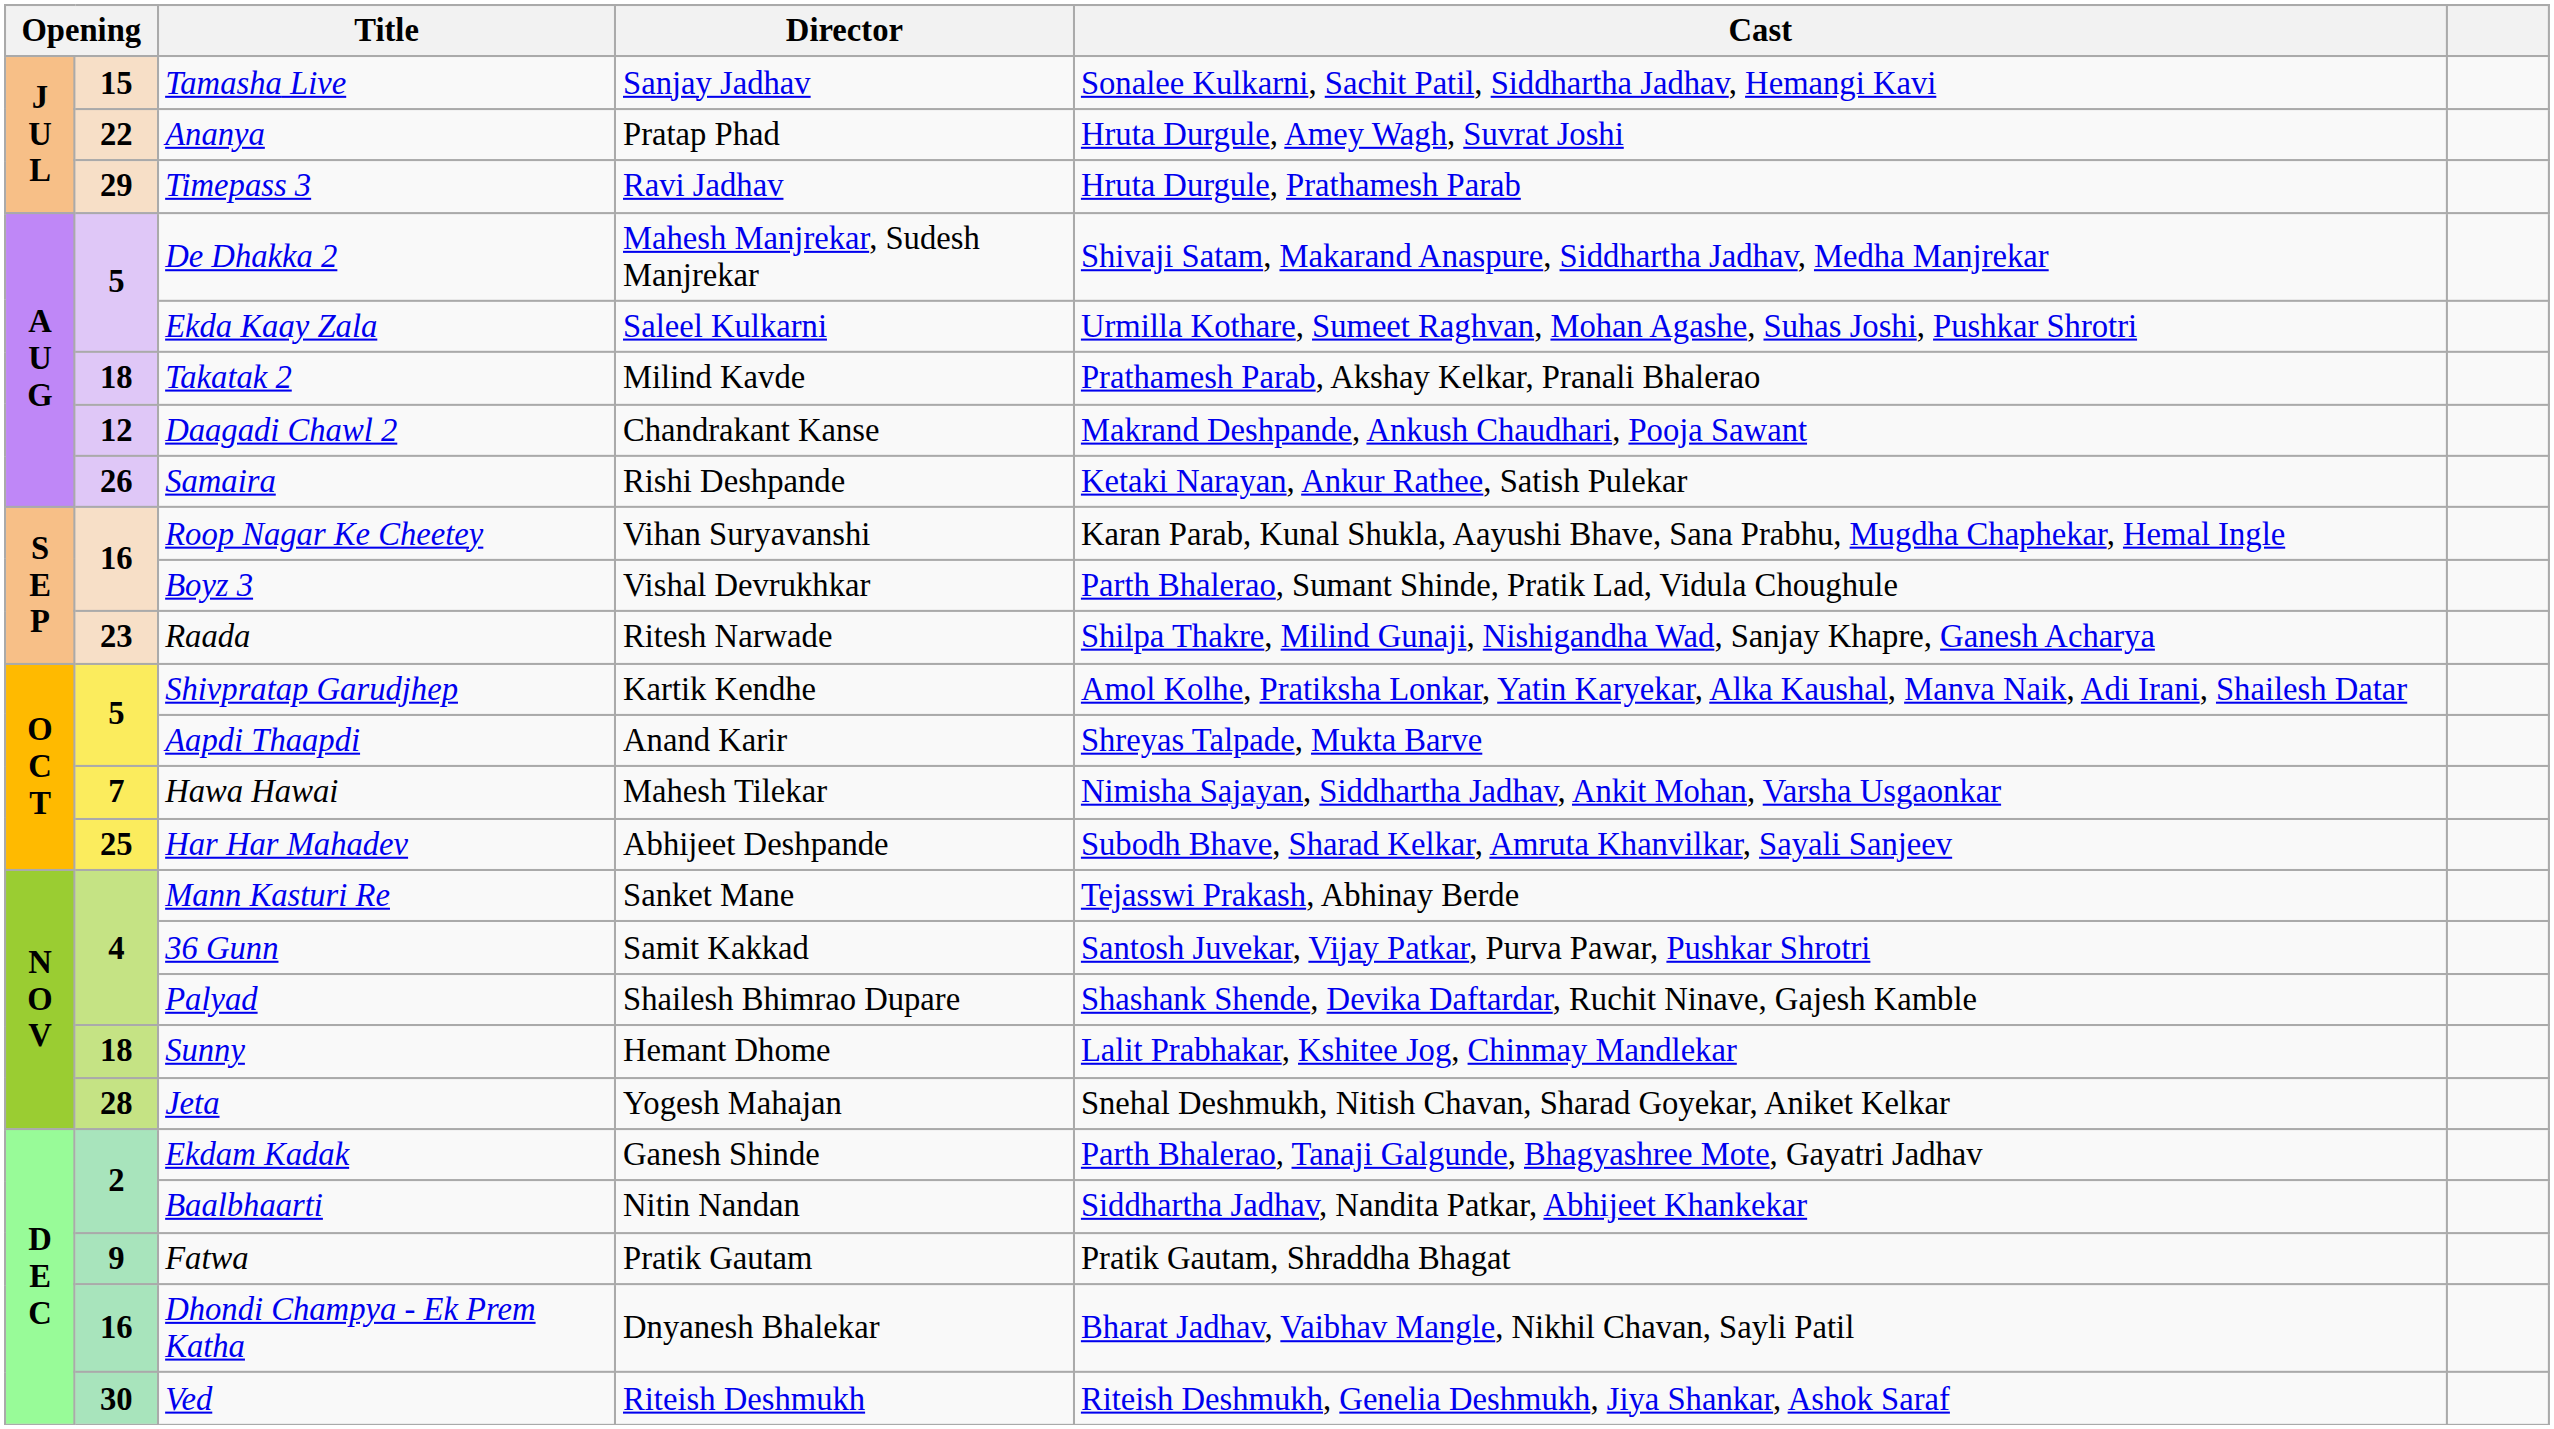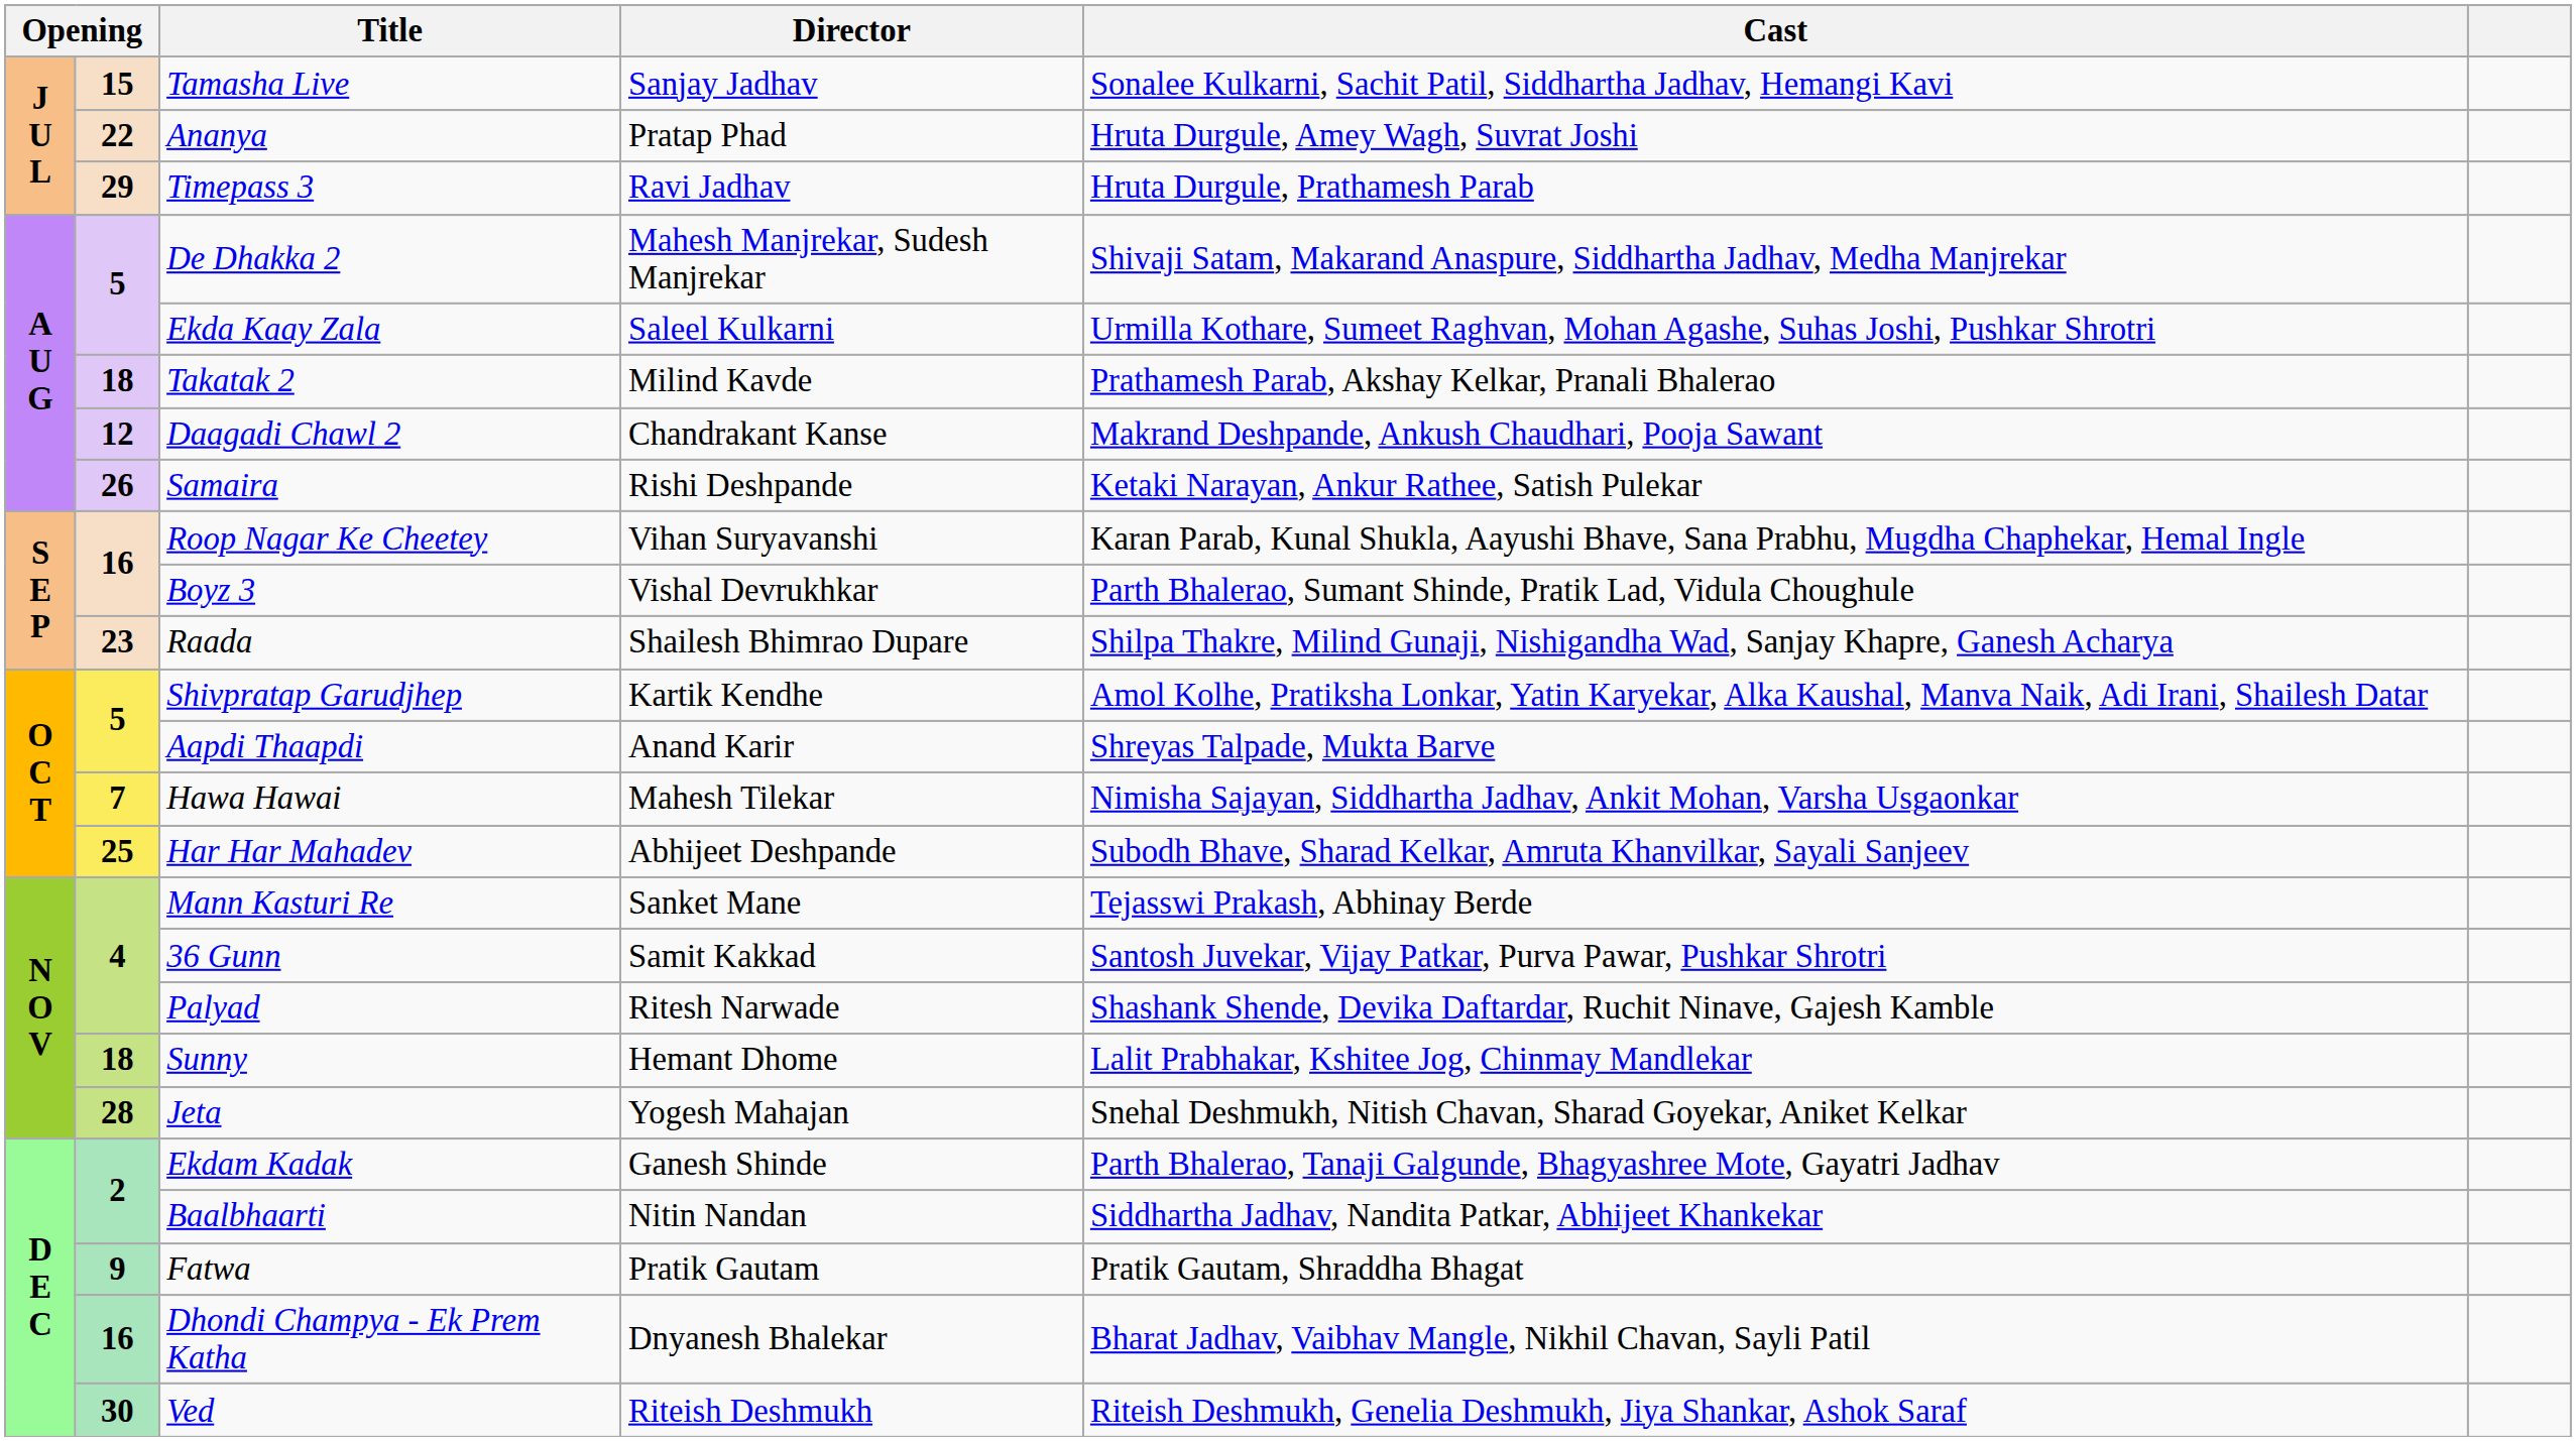 <table class="wikitable sortable">
 <tr>
 <th colspan="2" style="width:6%">Opening</th>
 <th style="width:18%">Title</th>
 <th style="width:18%">Director</th>
 <th>Cast</th>
 <th style="width:4%;"></th>
 </tr>
 <tr>
 <th rowspan="3" style="text-align:center; background:#f7bf87; text color:#000;"><strong>J<br>U<br>L</strong></th>
 <td style="text-align:center; background:#f7dfc7"><strong>15</strong></td>
 <td><a href='#'><em>Tamasha</em> <em>Live</em></a></td>
 <td><a href='#'>Sanjay Jadhav</a></td>
 <td><a href='#'>Sonalee Kulkarni</a>, <a href='#'>Sachit Patil</a>, <a href='#'>Siddhartha Jadhav</a>, <a href='#'>Hemangi Kavi</a></td>
 <td></td>
 </tr>
 <tr>
 <td style="text-align:center; background:#f7dfc7"><strong>22</strong></td>
 <td><a href='#'><em>Ananya</em></a></td>
 <td>Pratap Phad</td>
 <td><a href='#'>Hruta Durgule</a>, <a href='#'>Amey Wagh</a>, <a href='#'>Suvrat Joshi</a></td>
 <td></td>
 </tr>
 <tr>
 <td style="text-align:center; background:#f7dfc7"><strong>29</strong></td>
 <td><em><a href='#'>Timepass 3</a></em></td>
 <td><a href='#'>Ravi Jadhav</a></td>
 <td><a href='#'>Hruta Durgule</a>, <a href='#'>Prathamesh Parab</a></td>
 <td></td>
 </tr>
 <tr>
 <th rowspan="5" style="text-align:center; background:#bf87f7">A<br>U<br>G</th>
 <td rowspan="2" style="text-align:center; background:#dfc7f7"><strong>5</strong></td>
 <td><em><a href='#'>De Dhakka 2</a></em></td>
 <td><a href='#'>Mahesh Manjrekar</a>, Sudesh Manjrekar</td>
 <td><a href='#'>Shivaji Satam</a>, <a href='#'>Makarand Anaspure</a>, <a href='#'>Siddhartha Jadhav</a>, <a href='#'>Medha Manjrekar</a></td>
 <td></td>
 </tr>
 <tr>
 <td><em><a href='#'>Ekda Kaay Zala</a></em></td>
 <td><a href='#'>Saleel Kulkarni</a></td>
 <td><a href='#'>Urmilla Kothare</a>, <a href='#'>Sumeet Raghvan</a>, <a href='#'>Mohan Agashe</a>, <a href='#'>Suhas Joshi</a>, <a href='#'>Pushkar Shrotri</a></td>
 <td></td>
 </tr>
 <tr>
 <td style="text-align:center; background:#dfc7f7"><strong>18</strong></td>
 <td><em><a href='#'>Takatak 2</a></em></td>
 <td>Milind Kavde</td>
 <td><a href='#'>Prathamesh Parab</a>, Akshay Kelkar, Pranali Bhalerao</td>
 <td></td>
 </tr>
 <tr>
 <td style="text-align:center; background:#dfc7f7"><strong>12</strong></td>
 <td><em><a href='#'>Daagadi Chawl 2</a></em></td>
 <td>Chandrakant Kanse</td>
 <td><a href='#'>Makrand Deshpande</a>, <a href='#'>Ankush Chaudhari</a>, <a href='#'>Pooja Sawant</a></td>
 <td></td>
 </tr>
 <tr>
 <td style="text-align:center; background:#dfc7f7"><strong>26</strong></td>
 <td><em><a href='#'>Samaira</a></em></td>
 <td>Rishi Deshpande</td>
 <td><a href='#'>Ketaki Narayan</a>, <a href='#'>Ankur Rathee</a>, Satish Pulekar</td>
 <td></td>
 </tr>
 <tr>
 <td rowspan="3" style="text-align:center; background:#f7bf87; textcolor:#000;"><strong>S<br>E<br>P</strong></td>
 <td rowspan="2"  style="text-align:center; background:#f7dfc7;"><strong>16</strong></td>
 <td><em><a href='#'>Roop Nagar Ke Cheetey</a></em></td>
 <td>Vihan Suryavanshi</td>
 <td>Karan Parab, Kunal Shukla, Aayushi Bhave, Sana Prabhu, <a href='#'>Mugdha Chaphekar</a>, <a href='#'>Hemal Ingle</a></td>
 <td></td>
 </tr>
 <tr>
 <td><em><a href='#'>Boyz 3</a></em></td>
 <td>Vishal Devrukhkar</td>
 <td><a href='#'>Parth Bhalerao</a>, Sumant Shinde, Pratik Lad, Vidula Choughule</td>
 <td></td>
 </tr>
 <tr>
 <td style="text-align:center; background:#f7dfc7;"><strong>23</strong></td>
 <td><em>Raada</em></td>
-<td>Ritesh Narwade</td>
+<td>Shailesh Bhimrao Dupare</td>
 <td><a href='#'>Shilpa Thakre</a>, <a href='#'>Milind Gunaji</a>, <a href='#'>Nishigandha Wad</a>, Sanjay Khapre, <a href='#'>Ganesh Acharya</a></td>
 <td></td>
 </tr>
 <tr>
 <td rowspan="4" style="text-align:center; background:#ffba00; textcolor:#000;"><strong>O<br>C<br>T</strong></td>
 <td rowspan="2" style="text-align:center; background:#fbec5d;"><strong>5</strong></td>
 <td><em><a href='#'>Shivpratap Garudjhep</a></em></td>
 <td>Kartik Kendhe</td>
 <td><a href='#'>Amol Kolhe</a>, <a href='#'>Pratiksha Lonkar</a>, <a href='#'>Yatin Karyekar</a>, <a href='#'>Alka Kaushal</a>, <a href='#'>Manva Naik</a>, <a href='#'>Adi Irani</a>, <a href='#'>Shailesh Datar</a></td>
 <td></td>
 </tr>
 <tr>
 <td><em><a href='#'>Aapdi Thaapdi</a></em></td>
 <td>Anand Karir</td>
 <td><a href='#'>Shreyas Talpade</a>, <a href='#'>Mukta Barve</a></td>
 <td></td>
 </tr>
 <tr>
 <td style="text-align:center; background:#fbec5d;"><strong>7</strong></td>
 <td><em>Hawa Hawai</em></td>
 <td>Mahesh Tilekar</td>
 <td><a href='#'>Nimisha Sajayan</a>, <a href='#'>Siddhartha Jadhav</a>, <a href='#'>Ankit Mohan</a>, <a href='#'>Varsha Usgaonkar</a></td>
 <td></td>
 </tr>
 <tr>
 <td style="text-align:center; background:#fbec5d;"><strong>25</strong></td>
 <td><em><a href='#'>Har Har Mahadev</a></em></td>
 <td>Abhijeet Deshpande</td>
 <td><a href='#'>Subodh Bhave</a>, <a href='#'>Sharad Kelkar</a>, <a href='#'>Amruta Khanvilkar</a>, <a href='#'>Sayali Sanjeev</a></td>
 <td></td>
 </tr>
 <tr>
 <td rowspan="5" style="text-align:center; background:#9ACD32; textcolor:#000;"><strong>N<br>O<br>V</strong></td>
 <td rowspan="3" style="text-align:center; background:#C5E384;"><strong>4</strong></td>
 <td><em><a href='#'>Mann Kasturi Re</a></em></td>
 <td>Sanket Mane</td>
 <td><a href='#'>Tejasswi Prakash</a>, Abhinay Berde</td>
 <td></td>
 </tr>
 <tr>
 <td><em><a href='#'>36 Gunn</a></em></td>
 <td>Samit Kakkad</td>
 <td><a href='#'>Santosh Juvekar</a>, <a href='#'>Vijay Patkar</a>, Purva Pawar, <a href='#'>Pushkar Shrotri</a></td>
 <td></td>
 </tr>
 <tr>
 <td><em><a href='#'>Palyad</a></em></td>
-<td>Shailesh Bhimrao Dupare</td>
+<td>Ritesh Narwade</td>
 <td><a href='#'>Shashank Shende</a>, <a href='#'>Devika Daftardar</a>, Ruchit Ninave, Gajesh Kamble</td>
 <td></td>
 </tr>
 <tr>
 <td style="text-align:center; background:#C5E384;"><strong>18</strong></td>
 <td><em><a href='#'>Sunny</a></em></td>
 <td>Hemant Dhome</td>
 <td><a href='#'>Lalit Prabhakar</a>, <a href='#'>Kshitee Jog</a>, <a href='#'>Chinmay Mandlekar</a></td>
 <td></td>
 </tr>
 <tr>
 <td style="text-align:center; background:#C5E384;"><strong>28</strong></td>
 <td><em><a href='#'>Jeta</a></em></td>
 <td>Yogesh Mahajan</td>
 <td>Snehal Deshmukh, Nitish Chavan, Sharad Goyekar, Aniket Kelkar</td>
 <td></td>
 </tr>
 <tr>
 <td rowspan="6" style="text-align:center; background:#98fb98; textcolor:#000;"><strong>D<br>E<br>C</strong></td>
 <td rowspan="2" style="text-align:center; background:#a8e4bc;"><strong>2</strong></td>
 <td><em><a href='#'>Ekdam Kadak</a></em></td>
 <td>Ganesh Shinde</td>
 <td><a href='#'>Parth Bhalerao</a>, <a href='#'>Tanaji Galgunde</a>, <a href='#'>Bhagyashree Mote</a>, Gayatri Jadhav</td>
 <td></td>
 </tr>
 <tr>
 <td><em><a href='#'>Baalbhaarti</a></em></td>
 <td>Nitin Nandan</td>
 <td><a href='#'>Siddhartha Jadhav</a>, Nandita Patkar, <a href='#'>Abhijeet Khankekar</a></td>
 <td></td>
 </tr>
 <tr>
 <td style="text-align:center; background:#a8e4bc;"><strong>9</strong></td>
 <td><em>Fatwa</em></td>
 <td>Pratik Gautam</td>
 <td>Pratik Gautam, Shraddha Bhagat</td>
 <td></td>
 </tr>
 <tr>
 <td style="text-align:center; background:#a8e4bc;"><strong>16</strong></td>
 <td><em><a href='#'>Dhondi Champya - Ek Prem Katha</a></em></td>
 <td>Dnyanesh Bhalekar</td>
 <td><a href='#'>Bharat Jadhav</a>, <a href='#'>Vaibhav Mangle</a>, Nikhil Chavan, Sayli Patil</td>
 <td></td>
 </tr>
 <tr>
 <td style="text-align:center; background:#a8e4bc;"><strong>30</strong></td>
 <td><em><a href='#'>Ved</a></em></td>
 <td><a href='#'>Riteish Deshmukh</a></td>
 <td><a href='#'>Riteish Deshmukh</a>, <a href='#'>Genelia Deshmukh</a>, <a href='#'>Jiya Shankar</a>, <a href='#'>Ashok Saraf</a></td>
 <td></td>
 </tr>
 </table>
